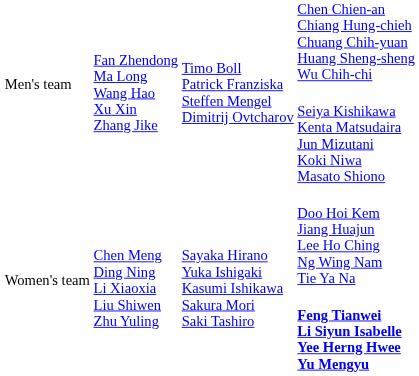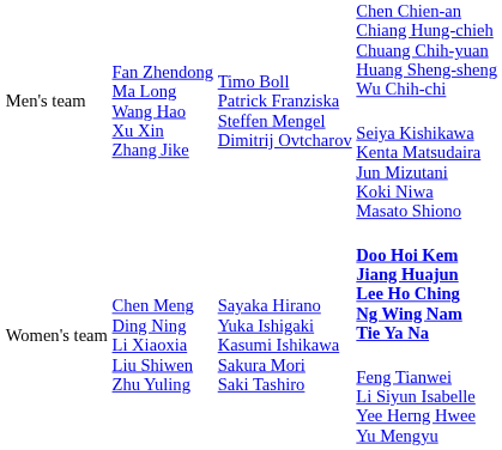 <table>
 <tr>
 <td rowspan=2>Men's team <br></td>
 <td rowspan=2><br><a href='#'>Fan Zhendong</a><br><a href='#'>Ma Long</a><br><a href='#'>Wang Hao</a><br><a href='#'>Xu Xin</a><br><a href='#'>Zhang Jike</a></td>
 <td rowspan=2><br><a href='#'>Timo Boll</a><br><a href='#'>Patrick Franziska</a><br><a href='#'>Steffen Mengel</a><br><a href='#'>Dimitrij Ovtcharov</a></td>
 <td><br><a href='#'>Chen Chien-an</a><br><a href='#'>Chiang Hung-chieh</a><br><a href='#'>Chuang Chih-yuan</a><br><a href='#'>Huang Sheng-sheng</a><br><a href='#'>Wu Chih-chi</a></td>
 </tr>
 <tr>
 <td><br><a href='#'>Seiya Kishikawa</a><br><a href='#'>Kenta Matsudaira</a><br><a href='#'>Jun Mizutani</a><br><a href='#'>Koki Niwa</a><br><a href='#'>Masato Shiono</a></td>
 </tr>
 <tr>
 <td rowspan=2>Women's team <br></td>
 <td rowspan=2><br><a href='#'>Chen Meng</a><br><a href='#'>Ding Ning</a><br><a href='#'>Li Xiaoxia</a><br><a href='#'>Liu Shiwen</a><br><a href='#'>Zhu Yuling</a></td>
 <td rowspan=2><br><a href='#'>Sayaka Hirano</a><br><a href='#'>Yuka Ishigaki</a><br><a href='#'>Kasumi Ishikawa</a><br><a href='#'>Sakura Mori</a><br><a href='#'>Saki Tashiro</a></td>
-<td><br><a href='#'>Doo Hoi Kem</a><br><a href='#'>Jiang Huajun</a><br><a href='#'>Lee Ho Ching</a><br><a href='#'>Ng Wing Nam</a><br><a href='#'>Tie Ya Na</a></td>
+<td><strong><br><a href='#'>Doo Hoi Kem</a><br><a href='#'>Jiang Huajun</a><br><a href='#'>Lee Ho Ching</a><br><a href='#'>Ng Wing Nam</a><br><a href='#'>Tie Ya Na</a></strong></td>
 </tr>
 <tr>
-<td><strong><br><a href='#'>Feng Tianwei</a><br><a href='#'>Li Siyun Isabelle</a><br><a href='#'>Yee Herng Hwee</a><br><a href='#'>Yu Mengyu</a></strong></td>
+<td><br><a href='#'>Feng Tianwei</a><br><a href='#'>Li Siyun Isabelle</a><br><a href='#'>Yee Herng Hwee</a><br><a href='#'>Yu Mengyu</a></td>
 </tr>
 </table>
